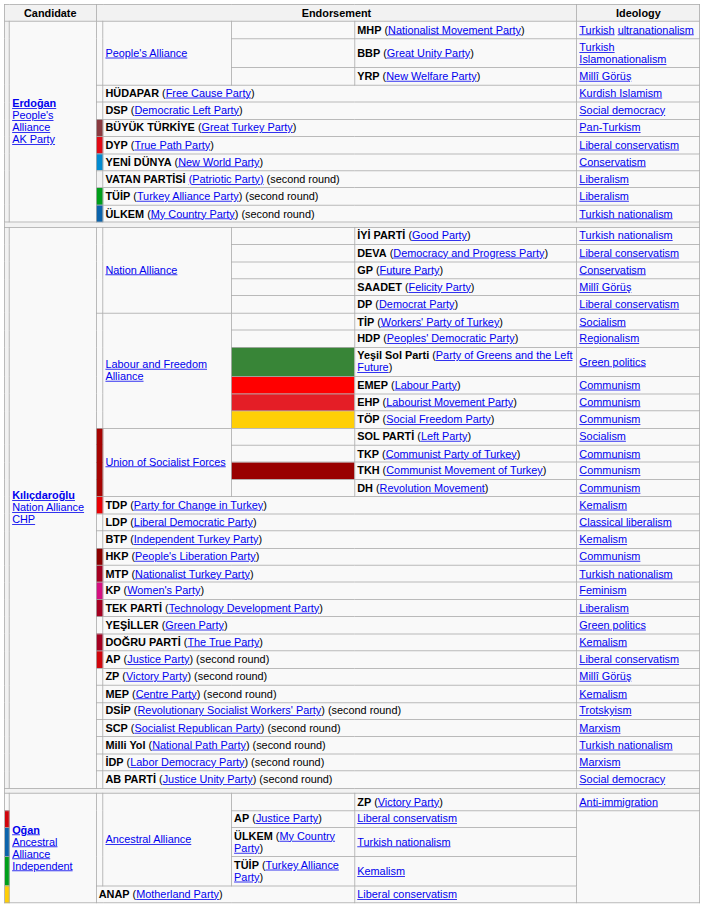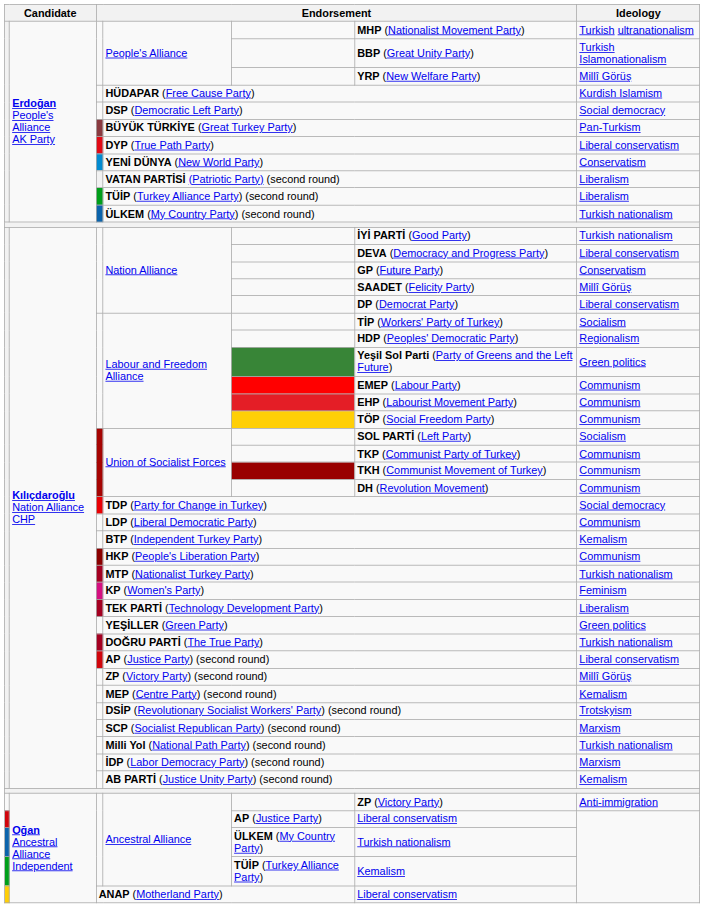 <table class="wikitable" style="font-size:85%;">
 <tr>
 <th colspan="2">Candidate</th>
 <th colspan="4">Endorsement</th>
 <th>Ideology</th>
 </tr>
 <tr>
 <th rowspan="11" style="background:"></th>
 <td rowspan="11"><strong><a href='#'>Erdoğan</a></strong><br><a href='#'>People's Alliance</a><br><a href='#'>AK Party</a></td>
 <td rowspan="3" style="background:"></td>
 <td rowspan="3"><a href='#'>People's Alliance</a></td>
 <td style="background:"></td>
 <td><strong>MHP</strong> (<a href='#'>Nationalist Movement Party</a>)</td>
 <td><a href='#'>Turkish</a> <a href='#'>ultranationalism</a></td>
 </tr>
 <tr>
 <td style="background:"></td>
 <td><strong> BBP</strong> (<a href='#'>Great Unity Party</a>)</td>
 <td><a href='#'>Turkish Islamonationalism</a></td>
 </tr>
 <tr>
 <td style="background:"></td>
 <td><strong>YRP</strong> (<a href='#'>New Welfare Party</a>)</td>
 <td><a href='#'>Millî Görüş</a></td>
 </tr>
 <tr>
 <td style="background:"></td>
 <td colspan="3"><strong>HÜDAPAR</strong> (<a href='#'>Free Cause Party</a>)</td>
 <td><a href='#'>Kurdish Islamism</a></td>
 </tr>
 <tr>
 <td style="background:"></td>
 <td colspan="3"><strong>DSP</strong> (<a href='#'>Democratic Left Party</a>)</td>
 <td><a href='#'>Social democracy</a></td>
 </tr>
 <tr>
 <td style="background:#8a3a40; width:2px;"></td>
 <td colspan="3"><strong>BÜYÜK TÜRKİYE</strong> (<a href='#'>Great Turkey Party</a>)</td>
 <td><a href='#'>Pan-Turkism</a></td>
 </tr>
 <tr>
 <td style="background:#E20A16; width:2px;"></td>
 <td colspan="3"><strong>DYP</strong> (<a href='#'>True Path Party</a>)</td>
 <td><a href='#'>Liberal conservatism</a></td>
 </tr>
 <tr>
 <td style="background:#028bd1; width:2px;"></td>
 <td colspan="3"><strong>YENİ DÜNYA</strong> (<a href='#'>New World Party</a>)</td>
 <td><a href='#'>Conservatism</a></td>
 </tr>
 <tr>
 <th style="background:"></th>
 <td colspan="3"><strong>VATAN PARTİSİ</strong> <a href='#'>(Patriotic Party)</a> (second round)</td>
 <td><a href='#'>Liberalism</a></td>
 </tr>
 <tr>
 <td style="background:#009F1A"></td>
 <td colspan="3"><strong>TÜİP</strong> (<a href='#'>Turkey Alliance Party</a>) (second round)</td>
 <td><a href='#'>Liberalism</a></td>
 </tr>
 <tr>
 <td style="background:#0C64AC"></td>
 <td colspan="3"><strong>ÜLKEM</strong> (<a href='#'>My Country Party</a>) (second round)</td>
 <td><a href='#'>Turkish nationalism</a></td>
 </tr>
 <tr>
 <th colspan="7"></th>
 </tr>
 <tr>
 <th rowspan="32" style="background:"></th>
 <td rowspan="32"><strong><a href='#'>Kılıçdaroğlu</a></strong><br><a href='#'>Nation Alliance</a><br><a href='#'>CHP</a></td>
 <td rowspan="5" style="background:"></td>
 <td rowspan="5"><a href='#'>Nation Alliance</a></td>
 <td style="background:"></td>
 <td><strong>İYİ PARTİ</strong> (<a href='#'>Good Party</a>)</td>
 <td><a href='#'>Turkish nationalism</a></td>
 </tr>
 <tr>
 <td style="background:"></td>
 <td><strong>DEVA</strong> (<a href='#'>Democracy and Progress Party</a>)</td>
 <td><a href='#'>Liberal conservatism</a></td>
 </tr>
 <tr>
 <td style="background:"></td>
 <td><strong>GP</strong> (<a href='#'>Future Party</a>)</td>
 <td><a href='#'>Conservatism</a></td>
 </tr>
 <tr>
 <td style="background:"></td>
 <td><strong>SAADET</strong> (<a href='#'>Felicity Party</a>)</td>
 <td><a href='#'>Millî Görüş</a></td>
 </tr>
 <tr>
 <td style="background:"></td>
 <td><strong>DP</strong> (<a href='#'>Democrat Party</a>)</td>
 <td><a href='#'>Liberal conservatism</a></td>
 </tr>
 <tr>
 <td rowspan="6" style="background:"></td>
 <td rowspan="6"><a href='#'>Labour and Freedom Alliance</a></td>
 <td style="background:"></td>
 <td><strong>TİP</strong> (<a href='#'>Workers' Party of Turkey</a>)</td>
 <td><a href='#'>Socialism</a></td>
 </tr>
 <tr>
 <td style="background:"></td>
 <td><strong>HDP</strong> (<a href='#'>Peoples' Democratic Party</a>)</td>
 <td><a href='#'>Regionalism</a></td>
 </tr>
 <tr>
 <td style="background:#388537"></td>
 <td><strong>Yeşil Sol Parti</strong> (<a href='#'>Party of Greens and the Left Future</a>)</td>
 <td><a href='#'>Green politics</a></td>
 </tr>
 <tr>
 <td style="background:#FF0000"></td>
 <td><strong>EMEP</strong> (<a href='#'>Labour Party</a>)</td>
 <td><a href='#'>Communism</a></td>
 </tr>
 <tr>
 <td style="background:#E41E26"></td>
 <td><strong>EHP</strong> (<a href='#'>Labourist Movement Party</a>)</td>
 <td><a href='#'>Communism</a></td>
 </tr>
 <tr>
 <td style="background:#FFCF06"></td>
 <td><strong>TÖP</strong> (<a href='#'>Social Freedom Party</a>)</td>
 <td><a href='#'>Communism</a></td>
 </tr>
 <tr>
 <td rowspan="4" style="background:#A60402;"></td>
 <td rowspan="4"><a href='#'>Union of Socialist Forces</a></td>
 <td style="background:"></td>
 <td><strong>SOL PARTİ</strong> (<a href='#'>Left Party</a>)</td>
 <td><a href='#'>Socialism</a></td>
 </tr>
 <tr>
 <td style="background:"></td>
 <td><strong>TKP</strong> (<a href='#'>Communist Party of Turkey</a>)</td>
 <td><a href='#'>Communism</a></td>
 </tr>
 <tr>
 <td style="background:#990000"></td>
 <td><strong>TKH</strong> (<a href='#'>Communist Movement of Turkey</a>)</td>
 <td><a href='#'>Communism</a></td>
 </tr>
 <tr>
 <td></td>
 <td><strong>DH</strong> (<a href='#'>Revolution Movement</a>)</td>
 <td><a href='#'>Communism</a></td>
 </tr>
 <tr>
 <td style="background:#E90004"></td>
 <td colspan="3"><strong>TDP</strong> (<a href='#'>Party for Change in Turkey</a>)</td>
-<td><a href='#'>Kemalism</a></td>
+<td><a href='#'>Social democracy</a></td>
 </tr>
 <tr>
 <td style="background:"></td>
 <td colspan="3"><strong>LDP</strong> (<a href='#'>Liberal Democratic Party</a>)</td>
-<td><a href='#'>Classical liberalism</a></td>
+<td><a href='#'>Communism</a></td>
 </tr>
 <tr>
 <td style="background:"></td>
 <td colspan="3"><strong>BTP</strong> (<a href='#'>Independent Turkey Party</a>)</td>
 <td><a href='#'>Kemalism</a></td>
 </tr>
 <tr>
 <td style="background:darkred"></td>
 <td colspan="3"><strong>HKP</strong> (<a href='#'>People's Liberation Party</a>)</td>
 <td><a href='#'>Communism</a></td>
 </tr>
 <tr>
 <td style="background:#A50021"></td>
 <td colspan="3"><strong>MTP</strong> (<a href='#'>Nationalist Turkey Party</a>)</td>
 <td><a href='#'>Turkish nationalism</a></td>
 </tr>
 <tr>
 <td style="background:#D50F80"></td>
 <td colspan="3"><strong>KP</strong> (<a href='#'>Women's Party</a>)</td>
 <td><a href='#'>Feminism</a></td>
 </tr>
 <tr>
 <td style="background:#A50021"></td>
 <td colspan="3"><strong>TEK PARTİ</strong> (<a href='#'>Technology Development Party</a>)</td>
 <td><a href='#'>Liberalism</a></td>
 </tr>
 <tr>
 <td style="background:"></td>
 <td colspan="3"><strong>YEŞİLLER</strong> (<a href='#'>Green Party</a>)</td>
 <td><a href='#'>Green politics</a></td>
 </tr>
 <tr>
 <td style="background:#A50021"></td>
 <td colspan="3"><strong>DOĞRU PARTİ</strong> (<a href='#'>The True Party</a>)</td>
-<td><a href='#'>Kemalism</a></td>
+<td><a href='#'>Turkish nationalism</a></td>
 </tr>
 <tr>
 <td style="background:#D1050C"></td>
 <td colspan="3"><strong>AP</strong> (<a href='#'>Justice Party</a>) (second round)</td>
 <td><a href='#'>Liberal conservatism</a></td>
 </tr>
 <tr>
 <td style="background:"></td>
 <td colspan="3"><strong>ZP</strong> (<a href='#'>Victory Party</a>) (second round)</td>
 <td><a href='#'>Millî Görüş</a></td>
 </tr>
 <tr>
 <td style="background:"></td>
 <td colspan="3"><strong>MEP</strong> (<a href='#'>Centre Party</a>) (second round)</td>
 <td><a href='#'>Kemalism</a></td>
 </tr>
 <tr>
 <td style="background:"></td>
 <td colspan="3"><strong>DSİP</strong> (<a href='#'>Revolutionary Socialist Workers' Party</a>) (second round)</td>
 <td><a href='#'>Trotskyism</a></td>
 </tr>
 <tr>
 <td style="background:"></td>
 <td colspan="3"><strong>SCP</strong> (<a href='#'>Socialist Republican Party</a>) (second round)</td>
 <td><a href='#'>Marxism</a></td>
 </tr>
 <tr>
 <td></td>
 <td colspan="3"><strong>Milli Yol</strong> (<a href='#'>National Path Party</a>) (second round)</td>
 <td><a href='#'>Turkish nationalism</a></td>
 </tr>
 <tr>
 <td></td>
 <td colspan="3"><strong>İDP</strong> (<a href='#'>Labor Democracy Party</a>) (second round)</td>
 <td><a href='#'>Marxism</a></td>
 </tr>
 <tr>
 <td></td>
 <td colspan="3"><strong>AB PARTİ</strong> (<a href='#'>Justice Unity Party</a>) (second round)</td>
-<td><a href='#'>Social democracy</a></td>
+<td><a href='#'>Kemalism</a></td>
 </tr>
 <tr>
 <th colspan="7"></th>
 </tr>
 <tr>
 <td style="background:"></td>
 <td rowspan="5"><strong><a href='#'>Oğan</a></strong><br><a href='#'>Ancestral Alliance</a><br><a href='#'>Independent</a></td>
 <td rowspan="4" style="background:"></td>
 <td rowspan="4"><a href='#'>Ancestral Alliance</a></td>
 <td style="background:"></td>
 <td><strong>ZP</strong> (<a href='#'>Victory Party</a>)</td>
 <td><a href='#'>Anti-immigration</a></td>
 </tr>
 <tr>
 <td style="background:#D1050C"></td>
 <td><strong>AP</strong> (<a href='#'>Justice Party</a>)</td>
 <td><a href='#'>Liberal conservatism</a></td>
 </tr>
 <tr>
 <td style="background:#0C64AC"></td>
 <td><strong>ÜLKEM</strong> (<a href='#'>My Country Party</a>)</td>
 <td><a href='#'>Turkish nationalism</a></td>
 </tr>
 <tr>
 <td style="background:#009F1A"></td>
 <td><strong>TÜİP</strong> (<a href='#'>Turkey Alliance Party</a>)</td>
 <td><a href='#'>Kemalism</a></td>
 </tr>
 <tr>
 <td style="background:#FFCF06"></td>
 <td colspan="3"><strong>ANAP</strong> (<a href='#'>Motherland Party</a>)</td>
 <td><a href='#'>Liberal conservatism</a></td>
 </tr>
 </table>
